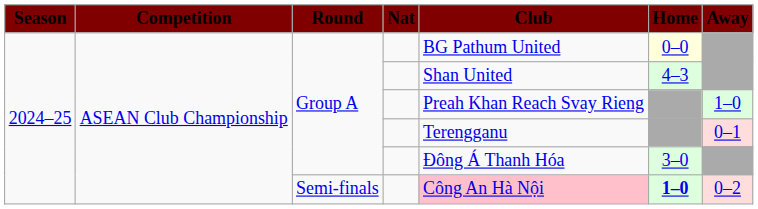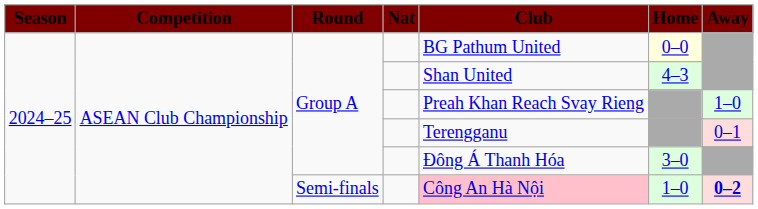 <table class="wikitable">
 <tr>
 <th style="background:maroon"><span> Season</span></th>
 <th style="background:maroon"><span> Competition</span></th>
 <th style="background:maroon"><span> Round</span></th>
 <th style="background:maroon"><span> Nat</span></th>
 <th style="background:maroon"><span> Club</span></th>
 <th style="background:maroon"><span> Home</span></th>
 <th style="background:maroon"><span> Away</span></th>
 </tr>
 <tr>
 <td rowspan="6"><a href='#'>2024–25</a></td>
 <td rowspan="6"><a href='#'>ASEAN Club Championship</a></td>
 <td rowspan="5"><a href='#'>Group A</a></td>
 <td></td>
 <td><a href='#'>BG Pathum United</a></td>
 <td style="text-align:center;  background:#ffd;" align=center><a href='#'>0–0</a></td>
 <td bgcolor=#aaa></td>
 </tr>
 <tr>
 <td></td>
 <td><a href='#'>Shan United</a></td>
 <td style="text-align:center; background:#dfd;" align=center><a href='#'>4–3</a></td>
 <td bgcolor=#aaa></td>
 </tr>
 <tr>
 <td></td>
 <td><a href='#'>Preah Khan Reach Svay Rieng</a></td>
 <td bgcolor=#aaa></td>
 <td style="text-align:center; background:#dfd;"><a href='#'>1–0</a></td>
 </tr>
 <tr>
 <td></td>
 <td><a href='#'>Terengganu</a></td>
 <td bgcolor=#aaa></td>
 <td style="text-align:center; background:#fdd;"><a href='#'>0–1</a></td>
 </tr>
 <tr>
 <td></td>
 <td><a href='#'>Đông Á Thanh Hóa</a></td>
 <td style="text-align:center; background:#dfd;"><a href='#'>3–0</a></td>
 <td bgcolor=#aaa></td>
 </tr>
 <tr>
 <td rowspan="5"><a href='#'>Semi-finals</a></td>
 <td></td>
 <td style="background: pink;"><a href='#'>Công An Hà Nội</a></td>
-<td style="text-align:center; background:#dfd;"><strong><a href='#'>1–0</a></strong></td>
-<td style="text-align:center; background:#fdd; "><a href='#'>0–2</a></td>
+<td style="text-align:center; background:#dfd;"><a href='#'>1–0</a></td>
+<td style="text-align:center; background:#fdd; "><strong><a href='#'>0–2</a></strong></td>
 </tr>
 </table>
